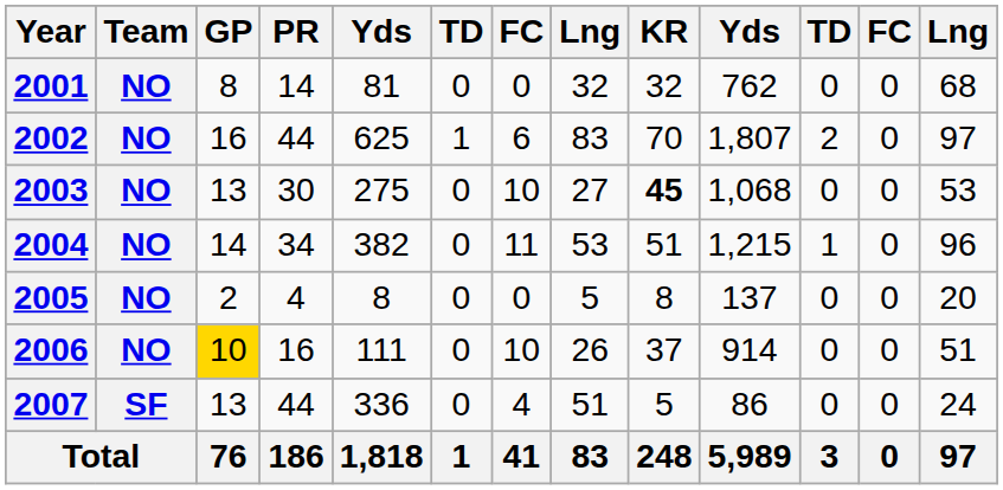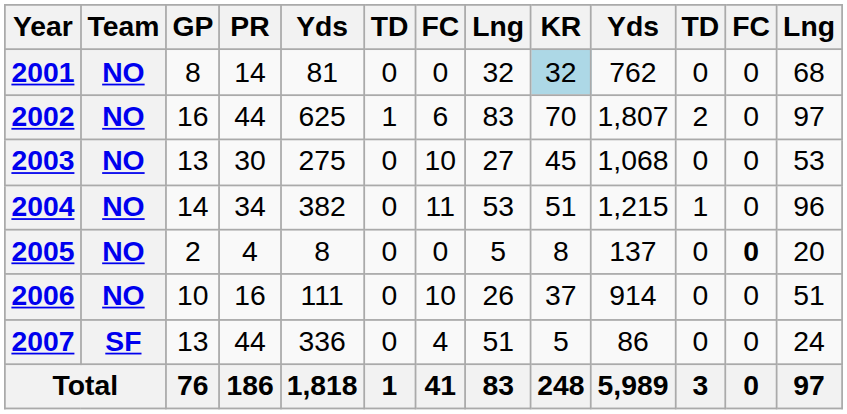 <table class="wikitable" style="text-align: center;">
 <tr>
 <th>Year</th>
 <th>Team</th>
 <th>GP</th>
 <th>PR</th>
 <th>Yds</th>
 <th>TD</th>
 <th>FC</th>
 <th>Lng</th>
 <th>KR</th>
 <th>Yds</th>
 <th>TD</th>
 <th>FC</th>
 <th>Lng</th>
 </tr>
 <tr>
 <th><a href='#'>2001</a></th>
 <th><a href='#'>NO</a></th>
 <td>8</td>
 <td>14</td>
 <td>81</td>
 <td>0</td>
 <td>0</td>
 <td>32</td>
-<td>32</td>
+<td style="background: lightblue;">32</td>
 <td>762</td>
 <td>0</td>
 <td>0</td>
 <td>68</td>
 </tr>
 <tr>
 <th><a href='#'>2002</a></th>
 <th><a href='#'>NO</a></th>
 <td>16</td>
 <td>44</td>
 <td>625</td>
 <td>1</td>
 <td>6</td>
 <td>83</td>
 <td>70</td>
 <td>1,807</td>
 <td>2</td>
 <td>0</td>
 <td>97</td>
 </tr>
 <tr>
 <th><a href='#'>2003</a></th>
 <th><a href='#'>NO</a></th>
 <td>13</td>
 <td>30</td>
 <td>275</td>
 <td>0</td>
 <td>10</td>
 <td>27</td>
-<td><strong>45</strong></td>
+<td>45</td>
 <td>1,068</td>
 <td>0</td>
 <td>0</td>
 <td>53</td>
 </tr>
 <tr>
 <th><a href='#'>2004</a></th>
 <th><a href='#'>NO</a></th>
 <td>14</td>
 <td>34</td>
 <td>382</td>
 <td>0</td>
 <td>11</td>
 <td>53</td>
 <td>51</td>
 <td>1,215</td>
 <td>1</td>
 <td>0</td>
 <td>96</td>
 </tr>
 <tr>
 <th><a href='#'>2005</a></th>
 <th><a href='#'>NO</a></th>
 <td>2</td>
 <td>4</td>
 <td>8</td>
 <td>0</td>
 <td>0</td>
 <td>5</td>
 <td>8</td>
 <td>137</td>
 <td>0</td>
-<td>0</td>
+<td><strong>0</strong></td>
 <td>20</td>
 </tr>
 <tr>
 <th><a href='#'>2006</a></th>
 <th><a href='#'>NO</a></th>
-<td style="background: gold;">10</td>
+<td>10</td>
 <td>16</td>
 <td>111</td>
 <td>0</td>
 <td>10</td>
 <td>26</td>
 <td>37</td>
 <td>914</td>
 <td>0</td>
 <td>0</td>
 <td>51</td>
 </tr>
 <tr>
 <th><a href='#'>2007</a></th>
 <th><a href='#'>SF</a></th>
 <td>13</td>
 <td>44</td>
 <td>336</td>
 <td>0</td>
 <td>4</td>
 <td>51</td>
 <td>5</td>
 <td>86</td>
 <td>0</td>
 <td>0</td>
 <td>24</td>
 </tr>
 <tr>
 <th colspan="2">Total</th>
 <th>76</th>
 <th>186</th>
 <th>1,818</th>
 <th>1</th>
 <th>41</th>
 <th>83</th>
 <th>248</th>
 <th>5,989</th>
 <th>3</th>
 <th>0</th>
 <th>97</th>
 </tr>
 </table>
